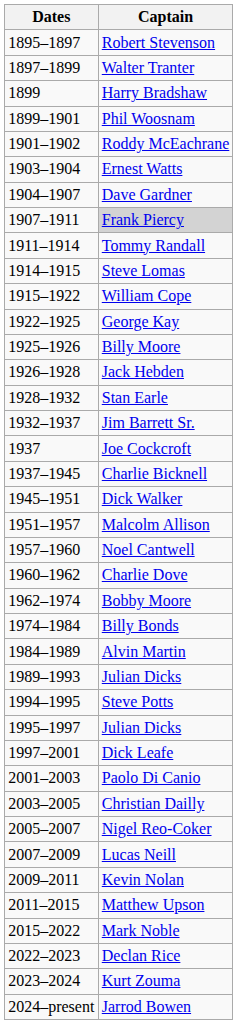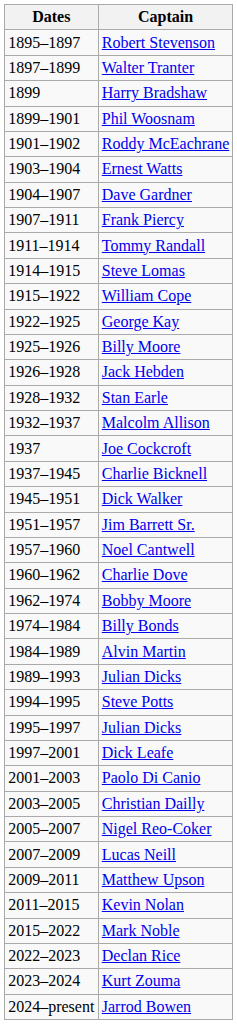 <table class="wikitable plainrowheaders unsortable">
 <tr>
 <th scope="col">Dates</th>
 <th scope="col">Captain</th>
 </tr>
 <tr>
 <td>1895–1897</td>
 <td> <a href='#'>Robert Stevenson</a></td>
 </tr>
 <tr>
 <td>1897–1899</td>
 <td> <a href='#'>Walter Tranter</a></td>
 </tr>
 <tr>
 <td>1899</td>
 <td> <a href='#'>Harry Bradshaw</a></td>
 </tr>
 <tr>
 <td>1899–1901</td>
 <td> <a href='#'>Phil Woosnam</a></td>
 </tr>
 <tr>
 <td>1901–1902</td>
 <td> <a href='#'>Roddy McEachrane</a></td>
 </tr>
 <tr>
 <td>1903–1904</td>
 <td> <a href='#'>Ernest Watts</a></td>
 </tr>
 <tr>
 <td>1904–1907</td>
 <td> <a href='#'>Dave Gardner</a></td>
 </tr>
 <tr>
 <td>1907–1911</td>
-<td style="background: lightgrey;"> <a href='#'>Frank Piercy</a></td>
+<td> <a href='#'>Frank Piercy</a></td>
 </tr>
 <tr>
 <td>1911–1914</td>
 <td> <a href='#'>Tommy Randall</a></td>
 </tr>
 <tr>
 <td>1914–1915</td>
 <td> <a href='#'>Steve Lomas</a></td>
 </tr>
 <tr>
 <td>1915–1922</td>
 <td> <a href='#'>William Cope</a></td>
 </tr>
 <tr>
 <td>1922–1925</td>
 <td> <a href='#'>George Kay</a></td>
 </tr>
 <tr>
 <td>1925–1926</td>
 <td> <a href='#'>Billy Moore</a></td>
 </tr>
 <tr>
 <td>1926–1928</td>
 <td> <a href='#'>Jack Hebden</a></td>
 </tr>
 <tr>
 <td>1928–1932</td>
 <td> <a href='#'>Stan Earle</a></td>
 </tr>
 <tr>
 <td>1932–1937</td>
-<td> <a href='#'>Jim Barrett Sr.</a></td>
+<td> <a href='#'>Malcolm Allison</a></td>
 </tr>
 <tr>
 <td>1937</td>
 <td> <a href='#'>Joe Cockcroft</a></td>
 </tr>
 <tr>
 <td>1937–1945</td>
 <td> <a href='#'>Charlie Bicknell</a></td>
 </tr>
 <tr>
 <td>1945–1951</td>
 <td> <a href='#'>Dick Walker</a></td>
 </tr>
 <tr>
 <td>1951–1957</td>
-<td> <a href='#'>Malcolm Allison</a></td>
+<td> <a href='#'>Jim Barrett Sr.</a></td>
 </tr>
 <tr>
 <td>1957–1960</td>
 <td> <a href='#'>Noel Cantwell</a></td>
 </tr>
 <tr>
 <td>1960–1962</td>
 <td> <a href='#'>Charlie Dove</a></td>
 </tr>
 <tr>
 <td>1962–1974</td>
 <td> <a href='#'>Bobby Moore</a></td>
 </tr>
 <tr>
 <td>1974–1984</td>
 <td> <a href='#'>Billy Bonds</a></td>
 </tr>
 <tr>
 <td>1984–1989</td>
 <td> <a href='#'>Alvin Martin</a></td>
 </tr>
 <tr>
 <td>1989–1993</td>
 <td> <a href='#'>Julian Dicks</a></td>
 </tr>
 <tr>
 <td>1994–1995</td>
 <td> <a href='#'>Steve Potts</a></td>
 </tr>
 <tr>
 <td>1995–1997</td>
 <td> <a href='#'>Julian Dicks</a></td>
 </tr>
 <tr>
 <td>1997–2001</td>
 <td> <a href='#'>Dick Leafe</a></td>
 </tr>
 <tr>
 <td>2001–2003</td>
 <td> <a href='#'>Paolo Di Canio</a></td>
 </tr>
 <tr>
 <td>2003–2005</td>
 <td> <a href='#'>Christian Dailly</a></td>
 </tr>
 <tr>
 <td>2005–2007</td>
 <td> <a href='#'>Nigel Reo-Coker</a></td>
 </tr>
 <tr>
 <td>2007–2009</td>
 <td> <a href='#'>Lucas Neill</a></td>
 </tr>
 <tr>
 <td>2009–2011</td>
-<td> <a href='#'>Kevin Nolan</a></td>
+<td> <a href='#'>Matthew Upson</a></td>
 </tr>
 <tr>
 <td>2011–2015</td>
-<td> <a href='#'>Matthew Upson</a></td>
+<td> <a href='#'>Kevin Nolan</a></td>
 </tr>
 <tr>
 <td>2015–2022</td>
 <td> <a href='#'>Mark Noble</a></td>
 </tr>
 <tr>
 <td>2022–2023</td>
 <td> <a href='#'>Declan Rice</a></td>
 </tr>
 <tr>
 <td>2023–2024</td>
 <td> <a href='#'>Kurt Zouma</a></td>
 </tr>
 <tr>
 <td>2024–present</td>
 <td> <a href='#'>Jarrod Bowen</a></td>
 </tr>
 </table>
